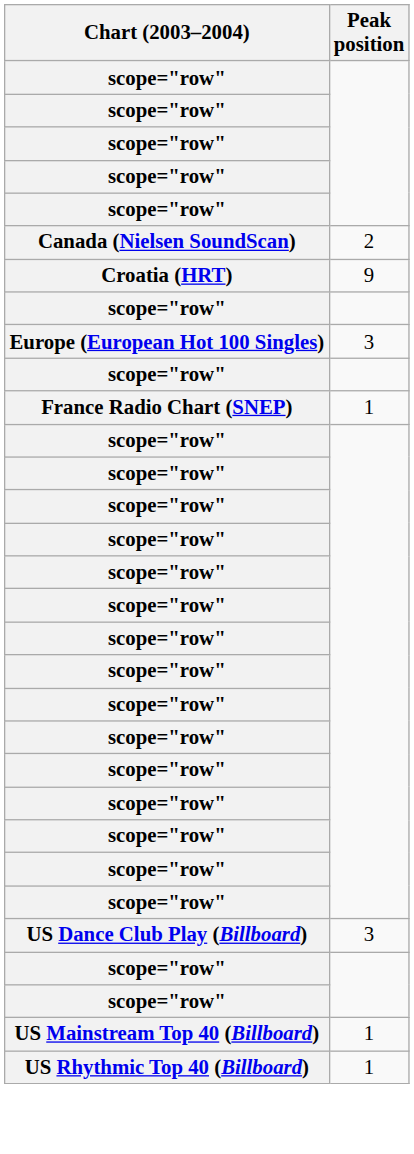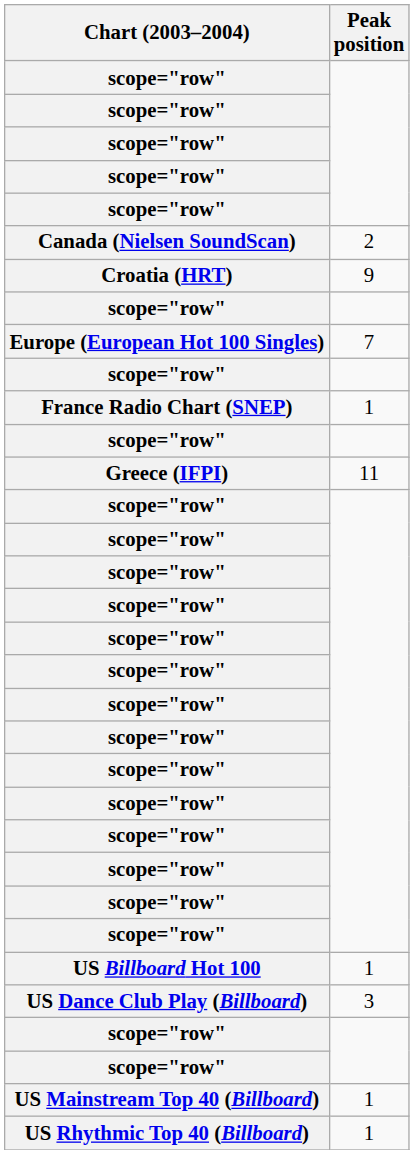 <table class="wikitable plainrowheaders sortable" style="text-align:center">
 <tr>
 <th scope="col">Chart (2003–2004)</th>
 <th scope="col">Peak<br>position</th>
 </tr>
 <tr>
 <th>scope="row"</th>
 </tr>
 <tr>
 <th>scope="row"</th>
 </tr>
 <tr>
 <th>scope="row"</th>
 </tr>
 <tr>
 <th>scope="row"</th>
 </tr>
 <tr>
 <th>scope="row"</th>
 </tr>
 <tr>
 <th scope="row">Canada (<a href='#'>Nielsen SoundScan</a>)</th>
 <td>2</td>
 </tr>
 <tr>
 <th scope="row">Croatia (<a href='#'>HRT</a>)</th>
 <td>9</td>
 </tr>
 <tr>
 <th>scope="row"</th>
 </tr>
 <tr>
 <th scope="row">Europe (<a href='#'>European Hot 100 Singles</a>)</th>
-<td>3</td>
+<td>7</td>
 </tr>
 <tr>
 <th>scope="row"</th>
 </tr>
 <tr>
 <th scope="row">France Radio Chart (<a href='#'>SNEP</a>)</th>
 <td>1</td>
+</tr>
+<tr>
+<th>scope="row"</th>
+</tr>
+<tr>
+<th scope="row">Greece (<a href='#'>IFPI</a>)</th>
+<td>11</td>
 </tr>
 <tr>
 <th>scope="row"</th>
 </tr>
 <tr>
 <th>scope="row"</th>
 </tr>
 <tr>
 <th>scope="row"</th>
 </tr>
 <tr>
 <th>scope="row"</th>
 </tr>
 <tr>
 <th>scope="row"</th>
 </tr>
 <tr>
 <th>scope="row"</th>
 </tr>
 <tr>
 <th>scope="row"</th>
 </tr>
 <tr>
 <th>scope="row"</th>
 </tr>
 <tr>
 <th>scope="row"</th>
 </tr>
 <tr>
 <th>scope="row"</th>
 </tr>
 <tr>
 <th>scope="row"</th>
 </tr>
 <tr>
 <th>scope="row"</th>
 </tr>
 <tr>
 <th>scope="row"</th>
 </tr>
 <tr>
 <th>scope="row"</th>
 </tr>
 <tr>
-<th>scope="row"</th>
+<th scope="row">US <a href='#'><em>Billboard</em> Hot 100</a></th>
+<td>1</td>
 </tr>
 <tr>
 <th scope="row">US <a href='#'>Dance Club Play</a> (<em><a href='#'>Billboard</a></em>)</th>
 <td>3</td>
 </tr>
 <tr>
 <th>scope="row"</th>
 </tr>
 <tr>
 <th>scope="row"</th>
 </tr>
 <tr>
 <th scope="row">US <a href='#'>Mainstream Top 40</a> (<em><a href='#'>Billboard</a></em>)</th>
 <td>1</td>
 </tr>
 <tr>
 <th scope="row">US <a href='#'>Rhythmic Top 40</a> (<em><a href='#'>Billboard</a></em>)</th>
 <td>1</td>
 </tr>
 </table>
